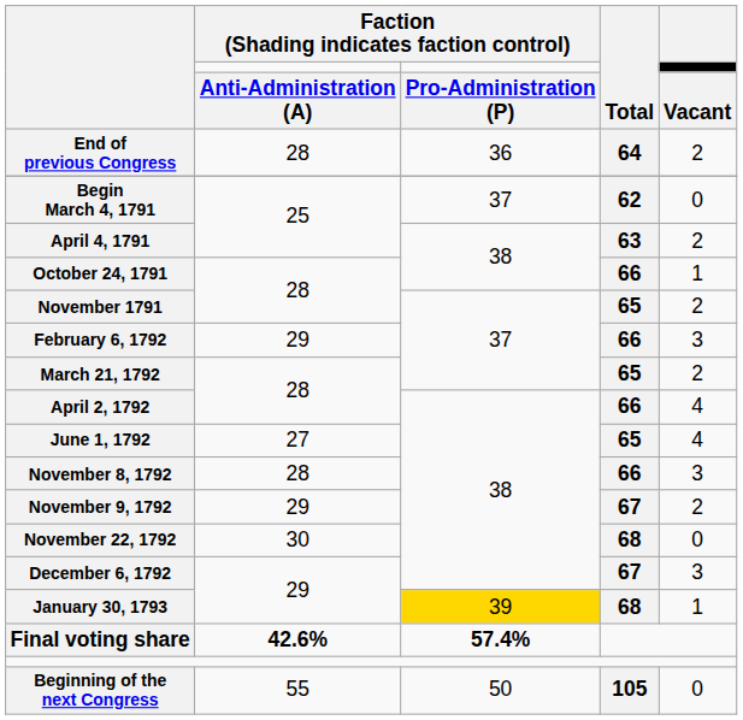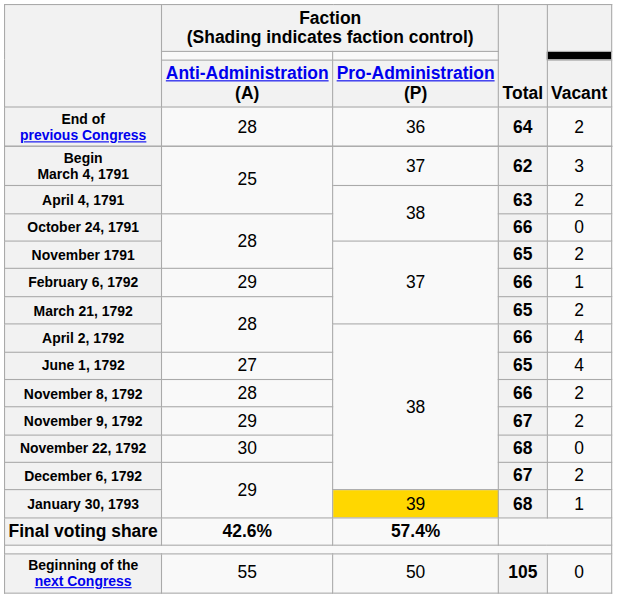 <table class=wikitable style="text-align:center">
 <tr style="vertical-align:bottom;">
 <th rowspan=3></th>
 <th colspan=2>Faction <div>(Shading indicates faction control)</div></th>
 <th rowspan=3>Total</th>
 <th></th>
 </tr>
 <tr style="height:5px">
 <td style="background-color:"></td>
 <td style="background-color:"></td>
 <td style="background-color:black"></td>
 </tr>
 <tr valign= bottom>
 <th><a href='#'>Anti-Administration</a><br>(A)</th>
 <th><a href='#'>Pro-Administration</a><br>(P)</th>
 <th>Vacant</th>
 </tr>
 <tr>
 <th nowrap style="font-size:80%">End of<br><a href='#'>previous Congress</a></th>
 <td>28</td>
 <td>36</td>
 <th>64</th>
 <td>2</td>
 </tr>
 <tr>
 </tr>
 <tr>
 <th nowrap style="font-size:80%">Begin<br>March 4, 1791</th>
 <td rowspan=2>25</td>
 <td>37</td>
 <th>62</th>
-<td>0</td>
+<td>3</td>
 </tr>
 <tr>
 <th nowrap style="font-size:80%">April 4, 1791</th>
 <td rowspan=2 >38</td>
 <th>63</th>
 <td>2</td>
 </tr>
 <tr>
 <th nowrap style="font-size:80%">October 24, 1791</th>
 <td rowspan=2>28</td>
 <th>66</th>
-<td>1</td>
+<td>0</td>
 </tr>
 <tr>
 <th nowrap style="font-size:80%">November 1791</th>
 <td rowspan=3 >37</td>
 <th>65</th>
 <td>2</td>
 </tr>
 <tr>
 <th nowrap style="font-size:80%">February 6, 1792 </th>
 <td>29</td>
 <th>66</th>
-<td>3</td>
+<td>1</td>
 </tr>
 <tr>
 <th nowrap style="font-size:80%">March 21, 1792</th>
 <td rowspan=2>28</td>
 <th>65</th>
 <td>2</td>
 </tr>
 <tr>
 <th nowrap style="font-size:80%">April 2, 1792</th>
 <td rowspan=6 >38</td>
 <th>66</th>
 <td>4</td>
 </tr>
 <tr>
 <th nowrap style="font-size:80%">June 1, 1792</th>
 <td>27</td>
 <th>65</th>
 <td>4</td>
 </tr>
 <tr>
 <th nowrap style="font-size:80%">November 8, 1792</th>
 <td>28</td>
 <th>66</th>
-<td>3</td>
+<td>2</td>
 </tr>
 <tr>
 <th nowrap style="font-size:80%">November 9, 1792</th>
 <td>29</td>
 <th>67</th>
 <td>2</td>
 </tr>
 <tr>
 <th nowrap style="font-size:80%">November 22, 1792</th>
 <td>30</td>
 <th>68</th>
 <td>0</td>
 </tr>
 <tr>
 <th nowrap style="font-size:80%">December 6, 1792</th>
 <td rowspan=2>29</td>
 <th>67</th>
-<td>3</td>
+<td>2</td>
 </tr>
 <tr>
 <th nowrap style="font-size:80%">January 30, 1793</th>
 <td style="background: gold;">39</td>
 <th>68</th>
 <td>1</td>
 </tr>
 <tr>
 <th>Final voting share</th>
 <td><strong>42.6%</strong></td>
 <td><strong>57.4%</strong></td>
 <td colspan=3></td>
 </tr>
 <tr>
 <td colspan=5></td>
 </tr>
 <tr>
 <th nowrap style="font-size:80%">Beginning of the<br><a href='#'>next Congress</a></th>
 <td>55</td>
 <td>50</td>
 <th>105</th>
 <td>0</td>
 </tr>
 </table>
